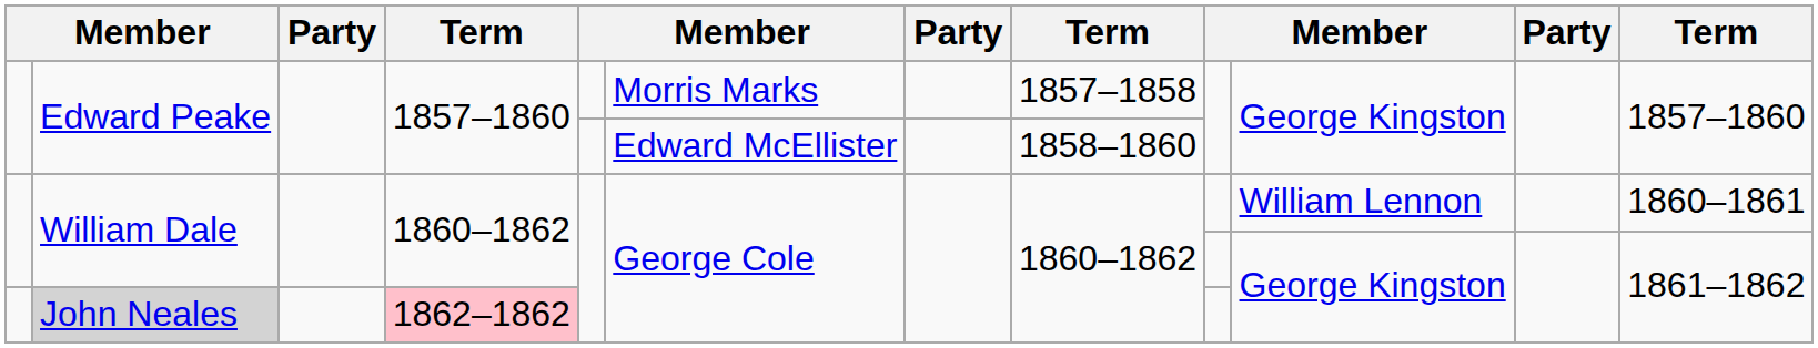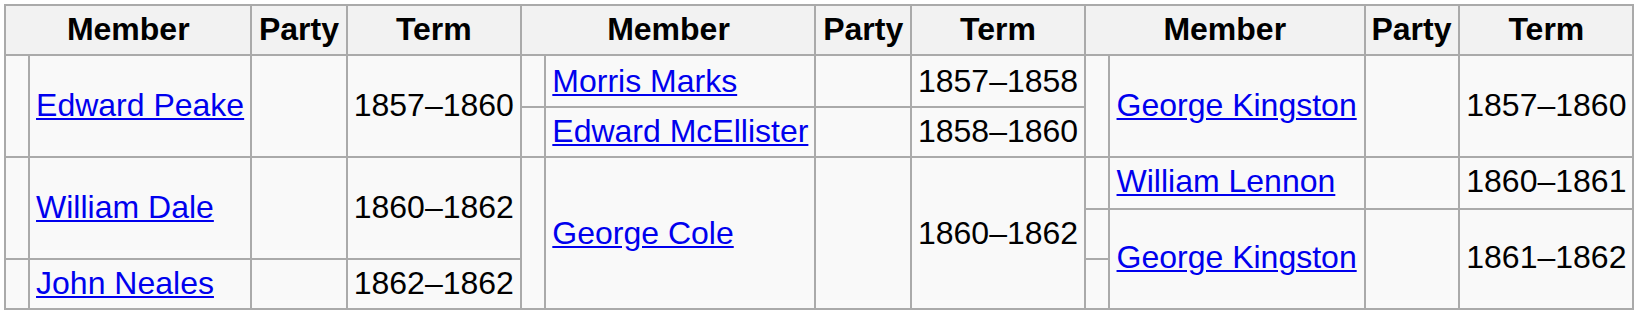 <table class="wikitable">
 <tr>
 <th colspan=2>Member</th>
 <th>Party</th>
 <th>Term</th>
 <th colspan=2>Member</th>
 <th>Party</th>
 <th>Term</th>
 <th colspan=2>Member</th>
 <th>Party</th>
 <th>Term</th>
 </tr>
 <tr>
 <td rowspan=2 > </td>
 <td rowspan=2><a href='#'>Edward Peake</a></td>
 <td rowspan=2></td>
 <td rowspan=2>1857–1860</td>
 <td> </td>
 <td><a href='#'>Morris Marks</a></td>
 <td></td>
 <td>1857–1858</td>
 <td rowspan=2 > </td>
 <td rowspan=2><a href='#'>George Kingston</a></td>
 <td rowspan=2></td>
 <td rowspan=2>1857–1860</td>
 </tr>
 <tr>
 <td> </td>
 <td><a href='#'>Edward McEllister</a></td>
 <td></td>
 <td>1858–1860</td>
 </tr>
 <tr>
 <td rowspan=2 > </td>
 <td rowspan=2><a href='#'>William Dale</a></td>
 <td rowspan=2></td>
 <td rowspan=2>1860–1862</td>
 <td rowspan=3 > </td>
 <td rowspan=3><a href='#'>George Cole</a></td>
 <td rowspan=3></td>
 <td rowspan=3>1860–1862</td>
 <td> </td>
 <td><a href='#'>William Lennon</a></td>
 <td></td>
 <td>1860–1861</td>
 </tr>
 <tr>
 <td> </td>
 <td rowspan=2><a href='#'>George Kingston</a></td>
 <td rowspan=2></td>
 <td rowspan=2>1861–1862</td>
 </tr>
 <tr>
 <td> </td>
-<td style="background: lightgrey;"><a href='#'>John Neales</a></td>
+<td><a href='#'>John Neales</a></td>
 <td></td>
-<td style="background: pink;">1862–1862</td>
+<td>1862–1862</td>
 <td> </td>
 </tr>
 <tr>
 </tr>
 </table>
